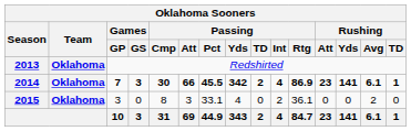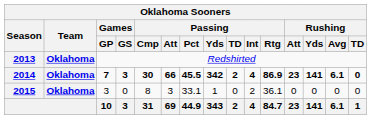 <table class="wikitable" style="text-align:center">
 <tr>
 <th colspan="15">Oklahoma Sooners</th>
 </tr>
 <tr>
 <th rowspan="2">Season</th>
 <th rowspan="2">Team</th>
 <th colspan="2">Games</th>
 <th colspan="7">Passing</th>
 <th colspan="4">Rushing</th>
 </tr>
 <tr>
 <th>GP</th>
 <th>GS</th>
 <th>Cmp</th>
 <th>Att</th>
 <th>Pct</th>
 <th>Yds</th>
 <th>TD</th>
 <th>Int</th>
 <th>Rtg</th>
 <th>Att</th>
 <th>Yds</th>
 <th>Avg</th>
 <th>TD</th>
 </tr>
 <tr>
 <th><a href='#'>2013</a></th>
 <th><a href='#'>Oklahoma</a></th>
 <td colspan="15"><em><a href='#'>Redshirted</a></em></td>
 </tr>
 <tr>
 <th><a href='#'>2014</a></th>
 <th><a href='#'>Oklahoma</a></th>
 <td><strong>7</strong></td>
 <td><strong>3</strong></td>
 <td><strong>30</strong></td>
 <td><strong>66</strong></td>
 <td><strong>45.5</strong></td>
 <td><strong>342</strong></td>
 <td><strong>2</strong></td>
 <td><strong>4</strong></td>
 <td><strong>86.9</strong></td>
 <td><strong>23</strong></td>
 <td><strong>141</strong></td>
 <td><strong>6.1</strong></td>
-<td><strong>1</strong></td>
+<td><strong>0</strong></td>
 </tr>
 <tr>
 <th><a href='#'>2015</a></th>
 <th><a href='#'>Oklahoma</a></th>
 <td>3</td>
 <td>0</td>
 <td>8</td>
 <td>3</td>
 <td>33.1</td>
-<td>4</td>
+<td>1</td>
 <td>0</td>
 <td>2</td>
 <td>36.1</td>
 <td>0</td>
 <td>0</td>
-<td>2</td>
+<td>0</td>
 <td>0</td>
 </tr>
 <tr>
 <th colspan="2"></th>
 <th>10</th>
 <th>3</th>
 <th>31</th>
 <th>69</th>
 <th>44.9</th>
 <th>343</th>
 <th>2</th>
 <th>4</th>
 <th>84.7</th>
 <th>23</th>
 <th>141</th>
 <th>6.1</th>
 <th>1</th>
 </tr>
 </table>
